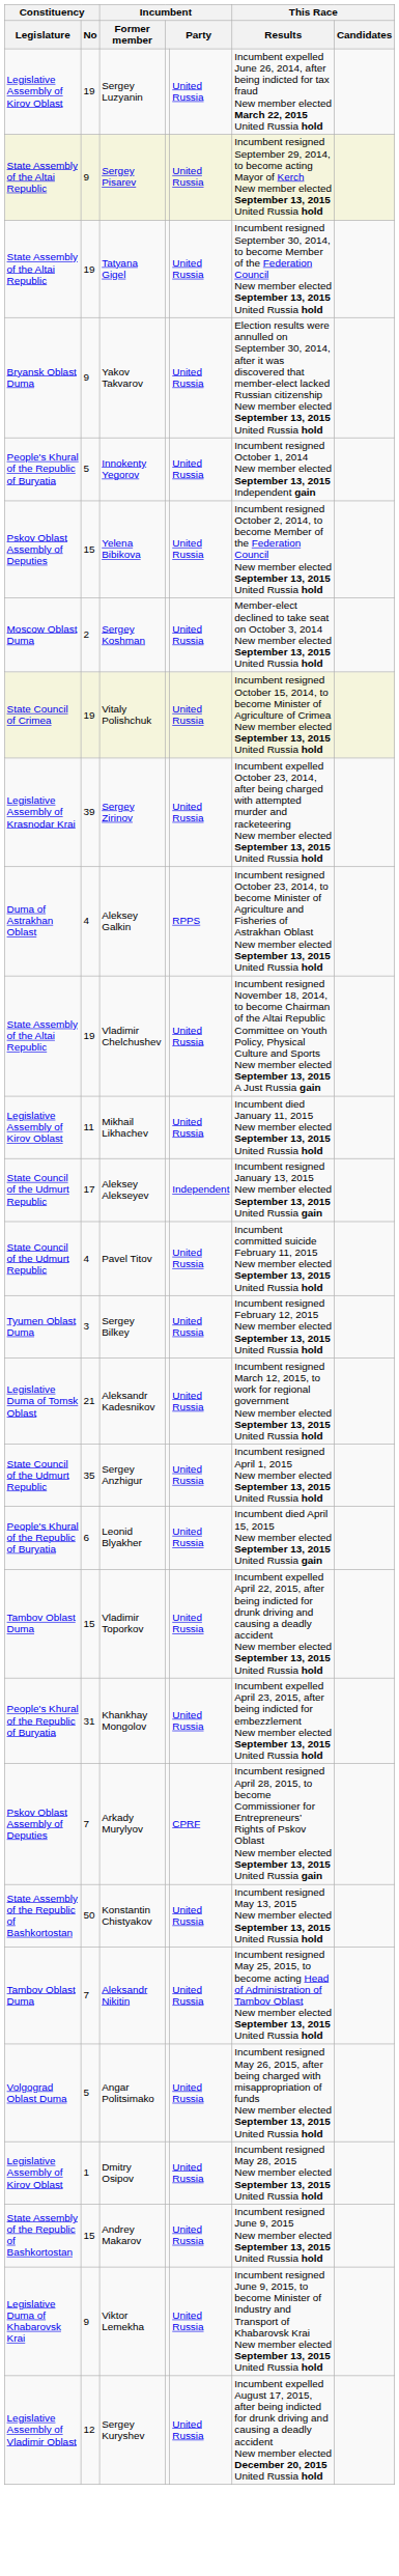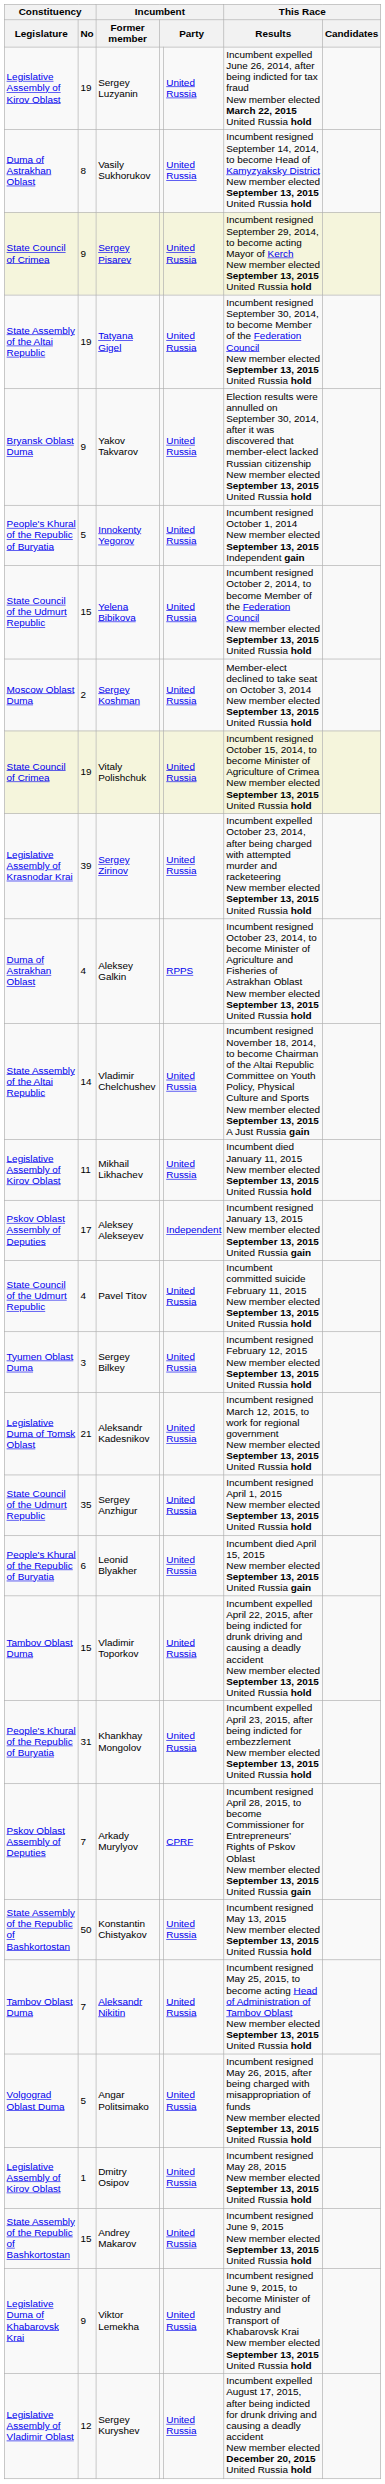 <table class="wikitable">
 <tr>
 <th colspan=2>Constituency</th>
 <th colspan=3>Incumbent</th>
 <th colspan=2>This Race</th>
 </tr>
 <tr>
 <th>Legislature</th>
 <th>No</th>
 <th>Former member</th>
 <th colspan=2>Party</th>
 <th>Results</th>
 <th>Candidates</th>
 </tr>
 <tr>
 <td><a href='#'>Legislative Assembly of Kirov Oblast</a></td>
 <td>19</td>
 <td>Sergey Luzyanin</td>
 <td style="background-color:"></td>
 <td><a href='#'>United Russia</a></td>
 <td>Incumbent expelled June 26, 2014, after being indicted for tax fraud<br>New member elected <strong>March 22, 2015</strong><br>United Russia <strong>hold</strong></td>
 <td nowrap></td>
 </tr>
+<tr>
+<td><a href='#'>Duma of Astrakhan Oblast</a></td>
+<td>8</td>
+<td>Vasily Sukhorukov</td>
+<td style="background-color:"></td>
+<td><a href='#'>United Russia</a></td>
+<td>Incumbent resigned September 14, 2014, to become Head of <a href='#'>Kamyzyaksky District</a><br>New member elected <strong>September 13, 2015</strong><br>United Russia <strong>hold</strong></td>
+<td nowrap></td>
+</tr>
 <tr style="background-color:Beige;">
-<td><a href='#'>State Assembly of the Altai Republic</a></td>
+<td><a href='#'>State Council of Crimea</a></td>
 <td>9</td>
 <td><a href='#'>Sergey Pisarev</a></td>
 <td style="background-color:"></td>
 <td><a href='#'>United Russia</a></td>
 <td>Incumbent resigned September 29, 2014, to become acting Mayor of <a href='#'>Kerch</a><br>New member elected <strong>September 13, 2015</strong><br>United Russia <strong>hold</strong></td>
 <td nowrap></td>
 </tr>
 <tr>
 <td><a href='#'>State Assembly of the Altai Republic</a></td>
 <td>19</td>
 <td><a href='#'>Tatyana Gigel</a></td>
 <td style="background-color:"></td>
 <td><a href='#'>United Russia</a></td>
 <td>Incumbent resigned September 30, 2014, to become Member of the <a href='#'>Federation Council</a><br>New member elected <strong>September 13, 2015</strong><br>United Russia <strong>hold</strong></td>
 <td nowrap></td>
 </tr>
 <tr>
 <td><a href='#'>Bryansk Oblast Duma</a></td>
 <td>9</td>
 <td>Yakov Takvarov</td>
 <td style="background-color:"></td>
 <td><a href='#'>United Russia</a></td>
 <td>Election results were annulled on September 30, 2014, after it was discovered that member-elect lacked Russian citizenship<br>New member elected <strong>September 13, 2015</strong><br>United Russia <strong>hold</strong></td>
 <td nowrap></td>
 </tr>
 <tr>
 <td><a href='#'>People's Khural of the Republic of Buryatia</a></td>
 <td>5</td>
 <td><a href='#'>Innokenty Yegorov</a></td>
 <td style="background-color:"></td>
 <td><a href='#'>United Russia</a></td>
 <td>Incumbent resigned October 1, 2014<br>New member elected <strong>September 13, 2015</strong><br>Independent <strong>gain</strong></td>
 <td nowrap></td>
 </tr>
 <tr>
-<td><a href='#'>Pskov Oblast Assembly of Deputies</a></td>
+<td><a href='#'>State Council of the Udmurt Republic</a></td>
 <td>15</td>
 <td><a href='#'>Yelena Bibikova</a></td>
 <td style="background-color:"></td>
 <td><a href='#'>United Russia</a></td>
 <td>Incumbent resigned October 2, 2014, to become Member of the <a href='#'>Federation Council</a><br>New member elected <strong>September 13, 2015</strong><br>United Russia <strong>hold</strong></td>
 <td nowrap></td>
 </tr>
 <tr>
 <td><a href='#'>Moscow Oblast Duma</a></td>
 <td>2</td>
 <td><a href='#'>Sergey Koshman</a></td>
 <td style="background-color:"></td>
 <td><a href='#'>United Russia</a></td>
 <td>Member-elect declined to take seat on October 3, 2014<br>New member elected <strong>September 13, 2015</strong><br>United Russia <strong>hold</strong></td>
 <td nowrap></td>
 </tr>
 <tr style="background-color:Beige;">
 <td><a href='#'>State Council of Crimea</a></td>
 <td>19</td>
 <td>Vitaly Polishchuk</td>
 <td style="background-color:"></td>
 <td><a href='#'>United Russia</a></td>
 <td>Incumbent resigned October 15, 2014, to become Minister of Agriculture of Crimea<br>New member elected <strong>September 13, 2015</strong><br>United Russia <strong>hold</strong></td>
 <td nowrap></td>
 </tr>
 <tr>
 <td><a href='#'>Legislative Assembly of Krasnodar Krai</a></td>
 <td>39</td>
 <td><a href='#'>Sergey Zirinov</a></td>
 <td style="background-color:"></td>
 <td><a href='#'>United Russia</a></td>
 <td>Incumbent expelled October 23, 2014, after being charged with attempted murder and racketeering<br>New member elected <strong>September 13, 2015</strong><br>United Russia <strong>hold</strong></td>
 <td nowrap></td>
 </tr>
 <tr>
 <td><a href='#'>Duma of Astrakhan Oblast</a></td>
 <td>4</td>
 <td>Aleksey Galkin</td>
 <td style="background-color:"></td>
 <td><a href='#'>RPPS</a></td>
 <td>Incumbent resigned October 23, 2014, to become Minister of Agriculture and Fisheries of Astrakhan Oblast<br>New member elected <strong>September 13, 2015</strong><br>United Russia <strong>hold</strong></td>
 <td nowrap></td>
 </tr>
 <tr>
 <td><a href='#'>State Assembly of the Altai Republic</a></td>
-<td>19</td>
+<td>14</td>
 <td>Vladimir Chelchushev</td>
 <td style="background-color:"></td>
 <td><a href='#'>United Russia</a></td>
 <td>Incumbent resigned November 18, 2014, to become Chairman of the Altai Republic Committee on Youth Policy, Physical Culture and Sports<br>New member elected <strong>September 13, 2015</strong><br>A Just Russia <strong>gain</strong></td>
 <td nowrap></td>
 </tr>
 <tr>
 <td><a href='#'>Legislative Assembly of Kirov Oblast</a></td>
 <td>11</td>
 <td>Mikhail Likhachev</td>
 <td style="background-color:"></td>
 <td><a href='#'>United Russia</a></td>
 <td>Incumbent died January 11, 2015<br>New member elected <strong>September 13, 2015</strong><br>United Russia <strong>hold</strong></td>
 <td nowrap></td>
 </tr>
 <tr>
-<td><a href='#'>State Council of the Udmurt Republic</a></td>
+<td><a href='#'>Pskov Oblast Assembly of Deputies</a></td>
 <td>17</td>
 <td>Aleksey Alekseyev</td>
 <td style="background-color:"></td>
 <td><a href='#'>Independent</a></td>
 <td>Incumbent resigned January 13, 2015<br>New member elected <strong>September 13, 2015</strong><br>United Russia <strong>gain</strong></td>
 <td nowrap></td>
 </tr>
 <tr>
 <td><a href='#'>State Council of the Udmurt Republic</a></td>
 <td>4</td>
 <td>Pavel Titov</td>
 <td style="background-color:"></td>
 <td><a href='#'>United Russia</a></td>
 <td>Incumbent committed suicide February 11, 2015<br>New member elected <strong>September 13, 2015</strong><br>United Russia <strong>hold</strong></td>
 <td nowrap></td>
 </tr>
 <tr>
 <td><a href='#'>Tyumen Oblast Duma</a></td>
 <td>3</td>
 <td>Sergey Bilkey</td>
 <td style="background-color:"></td>
 <td><a href='#'>United Russia</a></td>
 <td>Incumbent resigned February 12, 2015<br>New member elected <strong>September 13, 2015</strong><br>United Russia <strong>hold</strong></td>
 <td nowrap></td>
 </tr>
 <tr>
 <td><a href='#'>Legislative Duma of Tomsk Oblast</a></td>
 <td>21</td>
 <td>Aleksandr Kadesnikov</td>
 <td style="background-color:"></td>
 <td><a href='#'>United Russia</a></td>
 <td>Incumbent resigned March 12, 2015, to work for regional government<br>New member elected <strong>September 13, 2015</strong><br>United Russia <strong>hold</strong></td>
 <td nowrap></td>
 </tr>
 <tr>
 <td><a href='#'>State Council of the Udmurt Republic</a></td>
 <td>35</td>
 <td>Sergey Anzhigur</td>
 <td style="background-color:"></td>
 <td><a href='#'>United Russia</a></td>
 <td>Incumbent resigned April 1, 2015<br>New member elected <strong>September 13, 2015</strong><br>United Russia <strong>hold</strong></td>
 <td nowrap></td>
 </tr>
 <tr>
 <td><a href='#'>People's Khural of the Republic of Buryatia</a></td>
 <td>6</td>
 <td>Leonid Blyakher</td>
 <td style="background-color:"></td>
 <td><a href='#'>United Russia</a></td>
 <td>Incumbent died April 15, 2015<br>New member elected <strong>September 13, 2015</strong><br>United Russia <strong>gain</strong></td>
 <td nowrap></td>
 </tr>
 <tr>
 <td><a href='#'>Tambov Oblast Duma</a></td>
 <td>15</td>
 <td>Vladimir Toporkov</td>
 <td style="background-color:"></td>
 <td><a href='#'>United Russia</a></td>
 <td>Incumbent expelled April 22, 2015, after being indicted for drunk driving and causing a deadly accident<br>New member elected <strong>September 13, 2015</strong><br>United Russia <strong>hold</strong></td>
 <td nowrap></td>
 </tr>
 <tr>
 <td><a href='#'>People's Khural of the Republic of Buryatia</a></td>
 <td>31</td>
 <td>Khankhay Mongolov</td>
 <td style="background-color:"></td>
 <td><a href='#'>United Russia</a></td>
 <td>Incumbent expelled April 23, 2015, after being indicted for embezzlement<br>New member elected <strong>September 13, 2015</strong><br>United Russia <strong>hold</strong></td>
 <td nowrap></td>
 </tr>
 <tr>
 <td><a href='#'>Pskov Oblast Assembly of Deputies</a></td>
 <td>7</td>
 <td>Arkady Murylyov</td>
 <td style="background-color:"></td>
 <td><a href='#'>CPRF</a></td>
 <td>Incumbent resigned April 28, 2015, to become Commissioner for Entrepreneurs’ Rights of Pskov Oblast<br>New member elected <strong>September 13, 2015</strong><br>United Russia <strong>gain</strong></td>
 <td nowrap></td>
 </tr>
 <tr>
 <td><a href='#'>State Assembly of the Republic of Bashkortostan</a></td>
 <td>50</td>
 <td>Konstantin Chistyakov</td>
 <td style="background-color:"></td>
 <td><a href='#'>United Russia</a></td>
 <td>Incumbent resigned May 13, 2015<br>New member elected <strong>September 13, 2015</strong><br>United Russia <strong>hold</strong></td>
 <td nowrap></td>
 </tr>
 <tr>
 <td><a href='#'>Tambov Oblast Duma</a></td>
 <td>7</td>
 <td><a href='#'>Aleksandr Nikitin</a></td>
 <td style="background-color:"></td>
 <td><a href='#'>United Russia</a></td>
 <td>Incumbent resigned May 25, 2015, to become acting <a href='#'>Head of Administration of Tambov Oblast</a><br>New member elected <strong>September 13, 2015</strong><br>United Russia <strong>hold</strong></td>
 <td nowrap></td>
 </tr>
 <tr>
 <td><a href='#'>Volgograd Oblast Duma</a></td>
 <td>5</td>
 <td>Angar Politsimako</td>
 <td style="background-color:"></td>
 <td><a href='#'>United Russia</a></td>
 <td>Incumbent resigned May 26, 2015, after being charged with misappropriation of funds<br>New member elected <strong>September 13, 2015</strong><br>United Russia <strong>hold</strong></td>
 <td nowrap></td>
 </tr>
 <tr>
 <td><a href='#'>Legislative Assembly of Kirov Oblast</a></td>
 <td>1</td>
 <td>Dmitry Osipov</td>
 <td style="background-color:"></td>
 <td><a href='#'>United Russia</a></td>
 <td>Incumbent resigned May 28, 2015<br>New member elected <strong>September 13, 2015</strong><br>United Russia <strong>hold</strong></td>
 <td nowrap></td>
 </tr>
 <tr>
 <td><a href='#'>State Assembly of the Republic of Bashkortostan</a></td>
 <td>15</td>
 <td>Andrey Makarov</td>
 <td style="background-color:"></td>
 <td><a href='#'>United Russia</a></td>
 <td>Incumbent resigned June 9, 2015<br>New member elected <strong>September 13, 2015</strong><br>United Russia <strong>hold</strong></td>
 <td nowrap></td>
 </tr>
 <tr>
 <td><a href='#'>Legislative Duma of Khabarovsk Krai</a></td>
 <td>9</td>
 <td>Viktor Lemekha</td>
 <td style="background-color:"></td>
 <td><a href='#'>United Russia</a></td>
 <td>Incumbent resigned June 9, 2015, to become Minister of Industry and Transport of Khabarovsk Krai<br>New member elected <strong>September 13, 2015</strong><br>United Russia <strong>hold</strong></td>
 <td nowrap></td>
 </tr>
 <tr>
 <td><a href='#'>Legislative Assembly of Vladimir Oblast</a></td>
 <td>12</td>
 <td>Sergey Kuryshev</td>
 <td style="background-color:"></td>
 <td><a href='#'>United Russia</a></td>
 <td>Incumbent expelled August 17, 2015, after being indicted for drunk driving and causing a deadly accident<br>New member elected <strong>December 20, 2015</strong><br>United Russia <strong>hold</strong></td>
 <td nowrap></td>
 </tr>
 </table>
